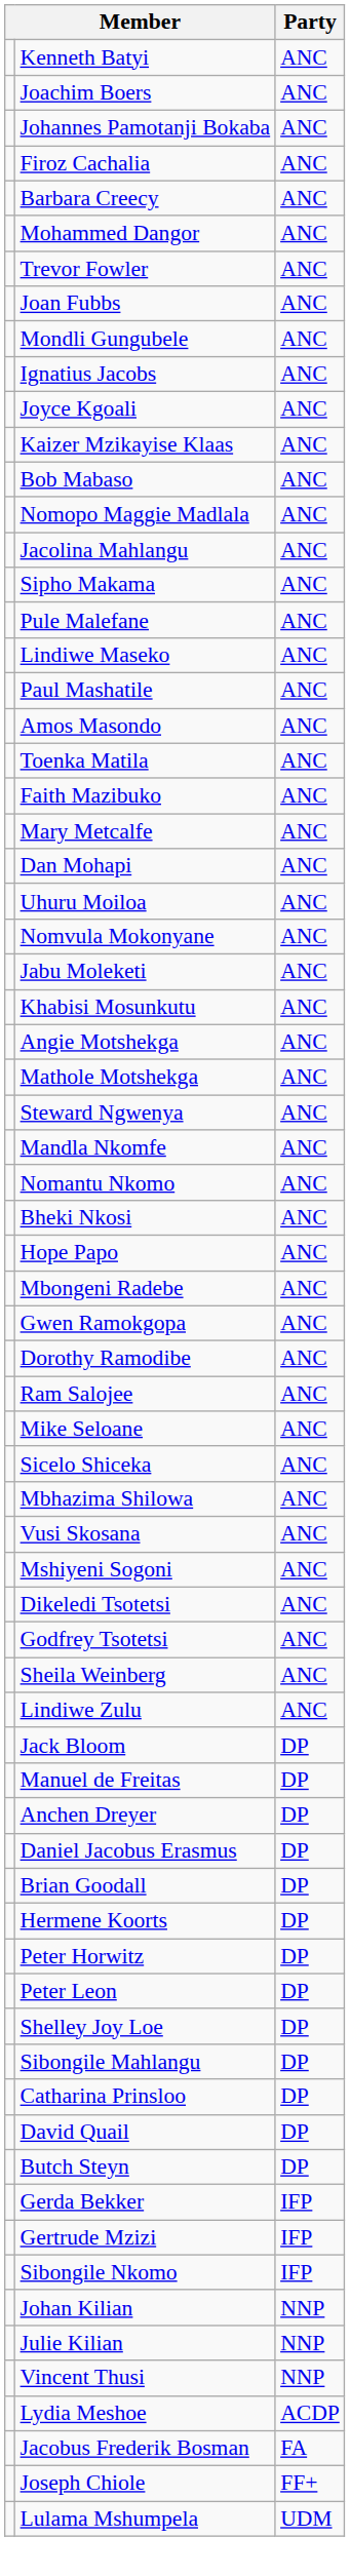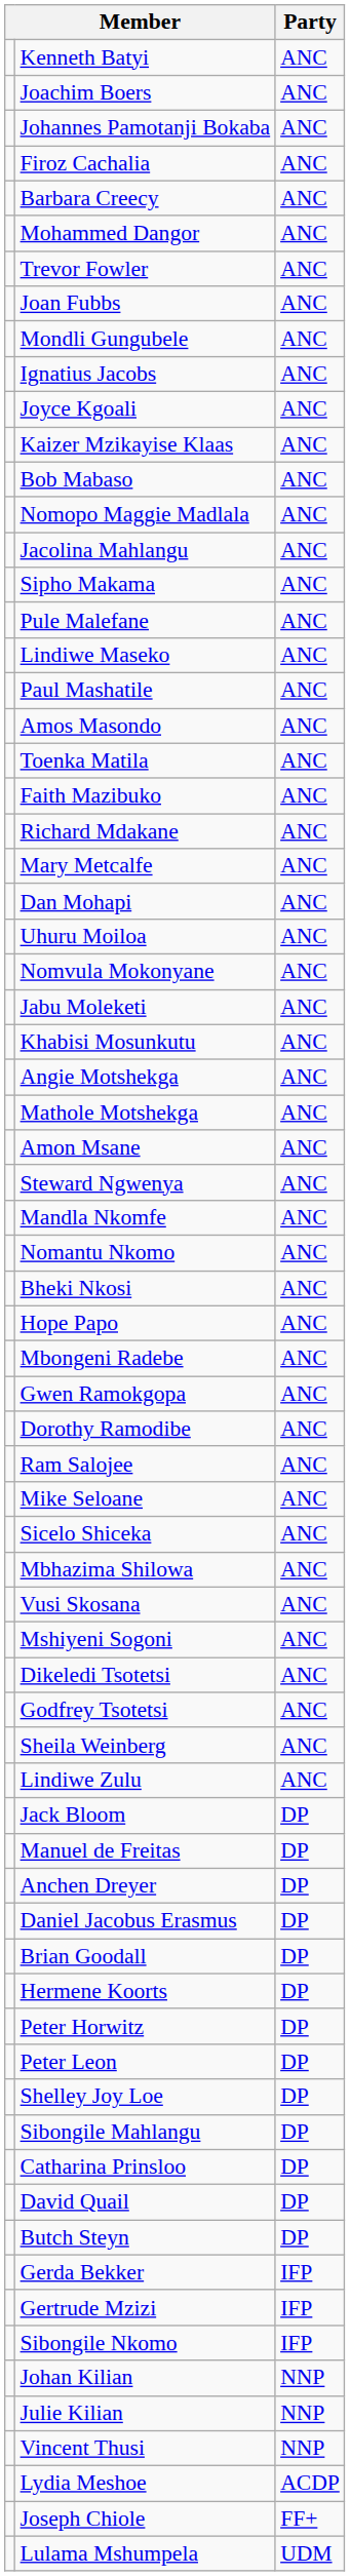 <table class="wikitable">
 <tr>
 <th colspan="2">Member</th>
 <th>Party</th>
 </tr>
 <tr>
 <td style="background-color: "></td>
 <td><a href='#'>Kenneth Batyi</a></td>
 <td><a href='#'>ANC</a></td>
 </tr>
 <tr>
 <td style="background-color: "></td>
 <td><a href='#'>Joachim Boers</a></td>
 <td><a href='#'>ANC</a></td>
 </tr>
 <tr>
 <td style="background-color: "></td>
 <td><a href='#'>Johannes Pamotanji Bokaba</a></td>
 <td><a href='#'>ANC</a></td>
 </tr>
 <tr>
 <td style="background-color: "></td>
 <td><a href='#'>Firoz Cachalia</a></td>
 <td><a href='#'>ANC</a></td>
 </tr>
 <tr>
 <td style="background-color: "></td>
 <td><a href='#'>Barbara Creecy</a></td>
 <td><a href='#'>ANC</a></td>
 </tr>
 <tr>
 <td style="background-color: "></td>
 <td><a href='#'>Mohammed Dangor</a></td>
 <td><a href='#'>ANC</a></td>
 </tr>
 <tr>
 <td style="background-color: "></td>
 <td><a href='#'>Trevor Fowler</a></td>
 <td><a href='#'>ANC</a></td>
 </tr>
 <tr>
 <td style="background-color: "></td>
 <td><a href='#'>Joan Fubbs</a></td>
 <td><a href='#'>ANC</a></td>
 </tr>
 <tr>
 <td style="background-color: "></td>
 <td><a href='#'>Mondli Gungubele</a></td>
 <td><a href='#'>ANC</a></td>
 </tr>
 <tr>
 <td style="background-color: "></td>
 <td><a href='#'>Ignatius Jacobs</a></td>
 <td><a href='#'>ANC</a></td>
 </tr>
 <tr>
 <td style="background-color: "></td>
 <td><a href='#'>Joyce Kgoali</a></td>
 <td><a href='#'>ANC</a></td>
 </tr>
 <tr>
 <td style="background-color: "></td>
 <td><a href='#'>Kaizer Mzikayise Klaas</a></td>
 <td><a href='#'>ANC</a></td>
 </tr>
 <tr>
 <td style="background-color: "></td>
 <td><a href='#'>Bob Mabaso</a></td>
 <td><a href='#'>ANC</a></td>
 </tr>
 <tr>
 <td style="background-color: "></td>
 <td><a href='#'>Nomopo Maggie Madlala</a></td>
 <td><a href='#'>ANC</a></td>
 </tr>
 <tr>
 <td style="background-color: "></td>
 <td><a href='#'>Jacolina Mahlangu</a></td>
 <td><a href='#'>ANC</a></td>
 </tr>
 <tr>
 <td style="background-color: "></td>
 <td><a href='#'>Sipho Makama</a></td>
 <td><a href='#'>ANC</a></td>
 </tr>
 <tr>
 <td style="background-color: "></td>
 <td><a href='#'>Pule Malefane</a></td>
 <td><a href='#'>ANC</a></td>
 </tr>
 <tr>
 <td style="background-color: "></td>
 <td><a href='#'>Lindiwe Maseko</a></td>
 <td><a href='#'>ANC</a></td>
 </tr>
 <tr>
 <td style="background-color: "></td>
 <td><a href='#'>Paul Mashatile</a></td>
 <td><a href='#'>ANC</a></td>
 </tr>
 <tr>
 <td style="background-color: "></td>
 <td><a href='#'>Amos Masondo</a></td>
 <td><a href='#'>ANC</a></td>
 </tr>
 <tr>
 <td style="background-color: "></td>
 <td><a href='#'>Toenka Matila</a></td>
 <td><a href='#'>ANC</a></td>
 </tr>
 <tr>
 <td style="background-color: "></td>
 <td><a href='#'>Faith Mazibuko</a></td>
 <td><a href='#'>ANC</a></td>
 </tr>
 <tr>
 <td style="background-color: "></td>
+<td><a href='#'>Richard Mdakane</a></td>
+<td><a href='#'>ANC</a></td>
+</tr>
+<tr>
+<td style="background-color: "></td>
 <td><a href='#'>Mary Metcalfe</a></td>
 <td><a href='#'>ANC</a></td>
 </tr>
 <tr>
 <td style="background-color: "></td>
 <td><a href='#'>Dan Mohapi</a></td>
 <td><a href='#'>ANC</a></td>
 </tr>
 <tr>
 <td style="background-color: "></td>
 <td><a href='#'>Uhuru Moiloa</a></td>
 <td><a href='#'>ANC</a></td>
 </tr>
 <tr>
 <td style="background-color: "></td>
 <td><a href='#'>Nomvula Mokonyane</a></td>
 <td><a href='#'>ANC</a></td>
 </tr>
 <tr>
 <td style="background-color: "></td>
 <td><a href='#'>Jabu Moleketi</a></td>
 <td><a href='#'>ANC</a></td>
 </tr>
 <tr>
 <td style="background-color: "></td>
 <td><a href='#'>Khabisi Mosunkutu</a></td>
 <td><a href='#'>ANC</a></td>
 </tr>
 <tr>
 <td style="background-color: "></td>
 <td><a href='#'>Angie Motshekga</a></td>
 <td><a href='#'>ANC</a></td>
 </tr>
 <tr>
 <td style="background-color: "></td>
 <td><a href='#'>Mathole Motshekga</a></td>
+<td><a href='#'>ANC</a></td>
+</tr>
+<tr>
+<td style="background-color: "></td>
+<td><a href='#'>Amon Msane</a></td>
 <td><a href='#'>ANC</a></td>
 </tr>
 <tr>
 <td style="background-color: "></td>
 <td><a href='#'>Steward Ngwenya</a></td>
 <td><a href='#'>ANC</a></td>
 </tr>
 <tr>
 <td style="background-color: "></td>
 <td><a href='#'>Mandla Nkomfe</a></td>
 <td><a href='#'>ANC</a></td>
 </tr>
 <tr>
 <td style="background-color: "></td>
 <td><a href='#'>Nomantu Nkomo</a></td>
 <td><a href='#'>ANC</a></td>
 </tr>
 <tr>
 <td style="background-color: "></td>
 <td><a href='#'>Bheki Nkosi</a></td>
 <td><a href='#'>ANC</a></td>
 </tr>
 <tr>
 <td style="background-color: "></td>
 <td><a href='#'>Hope Papo</a></td>
 <td><a href='#'>ANC</a></td>
 </tr>
 <tr>
 <td style="background-color: "></td>
 <td><a href='#'>Mbongeni Radebe</a></td>
 <td><a href='#'>ANC</a></td>
 </tr>
 <tr>
 <td style="background-color: "></td>
 <td><a href='#'>Gwen Ramokgopa</a></td>
 <td><a href='#'>ANC</a></td>
 </tr>
 <tr>
 <td style="background-color: "></td>
 <td><a href='#'>Dorothy Ramodibe</a></td>
 <td><a href='#'>ANC</a></td>
 </tr>
 <tr>
 <td style="background-color: "></td>
 <td><a href='#'>Ram Salojee</a></td>
 <td><a href='#'>ANC</a></td>
 </tr>
 <tr>
 <td style="background-color: "></td>
 <td><a href='#'>Mike Seloane</a></td>
 <td><a href='#'>ANC</a></td>
 </tr>
 <tr>
 <td style="background-color: "></td>
 <td><a href='#'>Sicelo Shiceka</a></td>
 <td><a href='#'>ANC</a></td>
 </tr>
 <tr>
 <td style="background-color: "></td>
 <td><a href='#'>Mbhazima Shilowa</a></td>
 <td><a href='#'>ANC</a></td>
 </tr>
 <tr>
 <td style="background-color: "></td>
 <td><a href='#'>Vusi Skosana</a></td>
 <td><a href='#'>ANC</a></td>
 </tr>
 <tr>
 <td style="background-color: "></td>
 <td><a href='#'>Mshiyeni Sogoni</a></td>
 <td><a href='#'>ANC</a></td>
 </tr>
 <tr>
 <td style="background-color: "></td>
 <td><a href='#'>Dikeledi Tsotetsi</a></td>
 <td><a href='#'>ANC</a></td>
 </tr>
 <tr>
 <td style="background-color: "></td>
 <td><a href='#'>Godfrey Tsotetsi</a></td>
 <td><a href='#'>ANC</a></td>
 </tr>
 <tr>
 <td style="background-color: "></td>
 <td><a href='#'>Sheila Weinberg</a></td>
 <td><a href='#'>ANC</a></td>
 </tr>
 <tr>
 <td style="background-color: "></td>
 <td><a href='#'>Lindiwe Zulu</a></td>
 <td><a href='#'>ANC</a></td>
 </tr>
 <tr>
 <td style="background-color: "></td>
 <td><a href='#'>Jack Bloom</a></td>
 <td><a href='#'>DP</a></td>
 </tr>
 <tr>
 <td style="background-color: "></td>
 <td><a href='#'>Manuel de Freitas</a></td>
 <td><a href='#'>DP</a></td>
 </tr>
 <tr>
 <td style="background-color: "></td>
 <td><a href='#'>Anchen Dreyer</a></td>
 <td><a href='#'>DP</a></td>
 </tr>
 <tr>
 <td style="background-color: "></td>
 <td><a href='#'>Daniel Jacobus Erasmus</a></td>
 <td><a href='#'>DP</a></td>
 </tr>
 <tr>
 <td style="background-color: "></td>
 <td><a href='#'>Brian Goodall</a></td>
 <td><a href='#'>DP</a></td>
 </tr>
 <tr>
 <td style="background-color: "></td>
 <td><a href='#'>Hermene Koorts</a></td>
 <td><a href='#'>DP</a></td>
 </tr>
 <tr>
 <td style="background-color: "></td>
 <td><a href='#'>Peter Horwitz</a></td>
 <td><a href='#'>DP</a></td>
 </tr>
 <tr>
 <td style="background-color: "></td>
 <td><a href='#'>Peter Leon</a></td>
 <td><a href='#'>DP</a></td>
 </tr>
 <tr>
 <td style="background-color: "></td>
 <td><a href='#'>Shelley Joy Loe</a></td>
 <td><a href='#'>DP</a></td>
 </tr>
 <tr>
 <td style="background-color: "></td>
 <td><a href='#'>Sibongile Mahlangu</a></td>
 <td><a href='#'>DP</a></td>
 </tr>
 <tr>
 <td style="background-color: "></td>
 <td><a href='#'>Catharina Prinsloo</a></td>
 <td><a href='#'>DP</a></td>
 </tr>
 <tr>
 <td style="background-color: "></td>
 <td><a href='#'>David Quail</a></td>
 <td><a href='#'>DP</a></td>
 </tr>
 <tr>
 <td style="background-color: "></td>
 <td><a href='#'>Butch Steyn</a></td>
 <td><a href='#'>DP</a></td>
 </tr>
 <tr>
 <td style="background-color: "></td>
 <td><a href='#'>Gerda Bekker</a></td>
 <td><a href='#'>IFP</a></td>
 </tr>
 <tr>
 <td style="background-color: "></td>
 <td><a href='#'>Gertrude Mzizi</a></td>
 <td><a href='#'>IFP</a></td>
 </tr>
 <tr>
 <td style="background-color: "></td>
 <td><a href='#'>Sibongile Nkomo</a></td>
 <td><a href='#'>IFP</a></td>
 </tr>
 <tr>
 <td style="background-color: "></td>
 <td><a href='#'>Johan Kilian</a></td>
 <td><a href='#'>NNP</a></td>
 </tr>
 <tr>
 <td style="background-color: "></td>
 <td><a href='#'>Julie Kilian</a></td>
 <td><a href='#'>NNP</a></td>
 </tr>
 <tr>
 <td style="background-color: "></td>
 <td><a href='#'>Vincent Thusi</a></td>
 <td><a href='#'>NNP</a></td>
 </tr>
 <tr>
 <td style="background-color: "></td>
 <td><a href='#'>Lydia Meshoe</a></td>
 <td><a href='#'>ACDP</a></td>
 </tr>
 <tr>
-<td></td>
-<td><a href='#'>Jacobus Frederik Bosman</a></td>
-<td><a href='#'>FA</a></td>
-</tr>
-<tr>
 <td style="background-color: "></td>
 <td><a href='#'>Joseph Chiole</a></td>
 <td><a href='#'>FF+</a></td>
 </tr>
 <tr>
 <td style="background-color: "></td>
 <td><a href='#'>Lulama Mshumpela</a></td>
 <td><a href='#'>UDM</a></td>
 </tr>
 </table>
